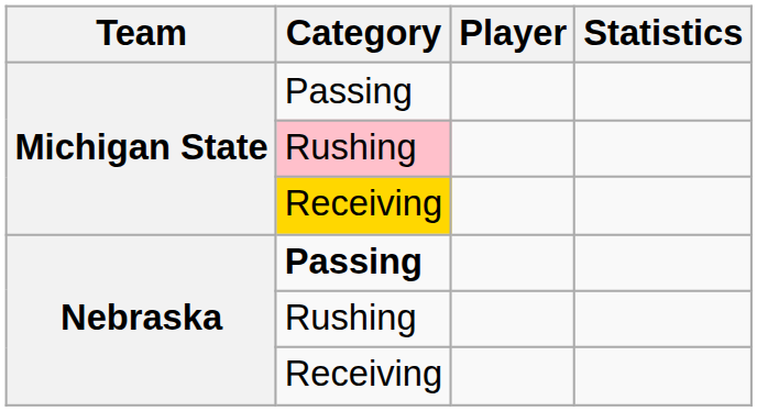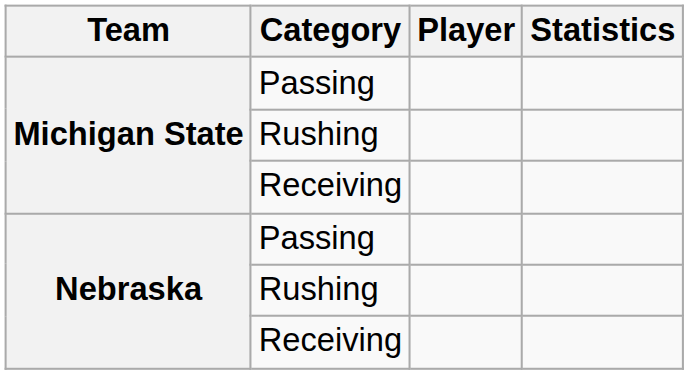 <table class="wikitable" style="float:right">
 <tr>
 <th>Team</th>
 <th>Category</th>
 <th>Player</th>
 <th>Statistics</th>
 </tr>
 <tr>
 <th rowspan=3>Michigan State</th>
 <td>Passing</td>
 <td></td>
 <td></td>
 </tr>
 <tr>
-<td style="background: pink;">Rushing</td>
+<td>Rushing</td>
 <td></td>
 <td></td>
 </tr>
 <tr>
-<td style="background: gold;">Receiving</td>
+<td>Receiving</td>
 <td></td>
 <td></td>
 </tr>
 <tr>
 <th rowspan=3>Nebraska</th>
-<td><strong>Passing</strong></td>
+<td>Passing</td>
 <td></td>
 <td></td>
 </tr>
 <tr>
 <td>Rushing</td>
 <td></td>
 <td></td>
 </tr>
 <tr>
 <td>Receiving</td>
 <td></td>
 <td></td>
 </tr>
 </table>
